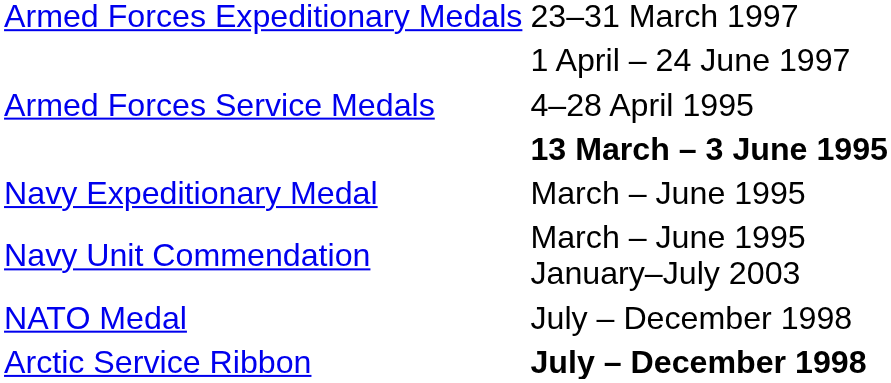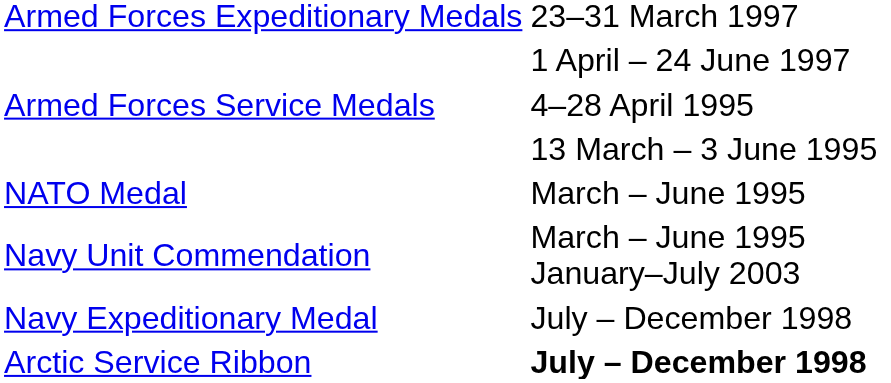 <table>
 <tr>
 <td><a href='#'>Armed Forces Expeditionary Medals</a></td>
 <td>23–31 March 1997</td>
 </tr>
 <tr>
 <td></td>
 <td>1 April – 24 June 1997</td>
 </tr>
 <tr>
 <td><a href='#'>Armed Forces Service Medals</a></td>
 <td>4–28 April 1995</td>
 </tr>
 <tr>
 <td></td>
-<td><strong>13 March – 3 June 1995</strong></td>
+<td>13 March – 3 June 1995</td>
 </tr>
 <tr>
-<td><a href='#'>Navy Expeditionary Medal</a></td>
+<td><a href='#'>NATO Medal</a></td>
 <td>March – June 1995</td>
 </tr>
 <tr>
 <td><a href='#'>Navy Unit Commendation</a></td>
 <td>March – June 1995<br>January–July 2003</td>
 </tr>
 <tr>
-<td><a href='#'>NATO Medal</a></td>
+<td><a href='#'>Navy Expeditionary Medal</a></td>
 <td>July – December 1998</td>
 </tr>
 <tr>
 <td><a href='#'>Arctic Service Ribbon</a></td>
 <td><strong>July – December 1998</strong></td>
 </tr>
 </table>
